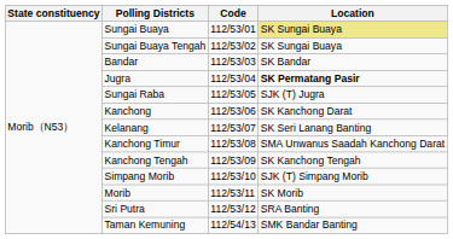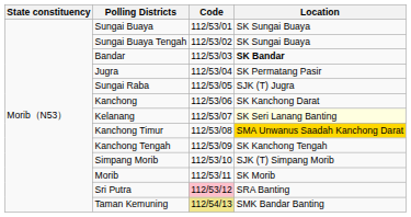 <table class="wikitable sortable mw-collapsible" style="white-space:nowrap;font-size:85%">
 <tr>
 <th>State constituency</th>
 <th>Polling Districts</th>
 <th>Code</th>
 <th>Location</th>
 </tr>
 <tr>
 <td rowspan="13">Morib（N53）</td>
 <td>Sungai Buaya</td>
 <td>112/53/01</td>
-<td style="background: khaki;">SK Sungai Buaya</td>
+<td>SK Sungai Buaya</td>
 </tr>
 <tr>
 <td>Sungai Buaya Tengah</td>
 <td>112/53/02</td>
 <td>SK Sungai Buaya</td>
 </tr>
 <tr>
 <td>Bandar</td>
 <td>112/53/03</td>
-<td>SK Bandar</td>
+<td><strong>SK Bandar</strong></td>
 </tr>
 <tr>
 <td>Jugra</td>
 <td>112/53/04</td>
-<td><strong>SK Permatang Pasir</strong></td>
+<td>SK Permatang Pasir</td>
 </tr>
 <tr>
 <td>Sungai Raba</td>
 <td>112/53/05</td>
 <td>SJK (T) Jugra</td>
 </tr>
 <tr>
 <td>Kanchong</td>
 <td>112/53/06</td>
 <td>SK Kanchong Darat</td>
 </tr>
 <tr>
 <td>Kelanang</td>
 <td>112/53/07</td>
-<td>SK Seri Lanang Banting</td>
+<td style="background: lightyellow;">SK Seri Lanang Banting</td>
 </tr>
 <tr>
 <td>Kanchong Timur</td>
 <td>112/53/08</td>
-<td>SMA Unwanus Saadah Kanchong Darat</td>
+<td style="background: gold;">SMA Unwanus Saadah Kanchong Darat</td>
 </tr>
 <tr>
 <td>Kanchong Tengah</td>
 <td>112/53/09</td>
 <td>SK Kanchong Tengah</td>
 </tr>
 <tr>
 <td>Simpang Morib</td>
 <td>112/53/10</td>
 <td>SJK (T) Simpang Morib</td>
 </tr>
 <tr>
 <td>Morib</td>
 <td>112/53/11</td>
 <td>SK Morib</td>
 </tr>
 <tr>
 <td>Sri Putra</td>
-<td>112/53/12</td>
+<td style="background: pink;">112/53/12</td>
 <td>SRA Banting</td>
 </tr>
 <tr>
 <td>Taman Kemuning</td>
-<td>112/54/13</td>
+<td style="background: khaki;">112/54/13</td>
 <td>SMK Bandar Banting</td>
 </tr>
 </table>
